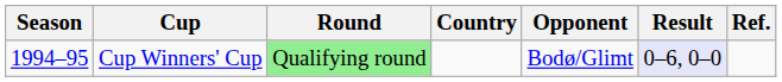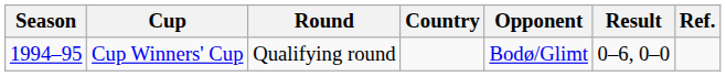 <table class="wikitable">
 <tr>
 <th>Season</th>
 <th>Cup</th>
 <th>Round</th>
 <th>Country</th>
 <th>Opponent</th>
 <th>Result</th>
 <th>Ref.</th>
 </tr>
 <tr>
 <td rowspan=2><a href='#'>1994–95</a></td>
 <td rowspan=2><a href='#'>Cup Winners' Cup</a></td>
-<td style="background: lightgreen;">Qualifying round</td>
+<td>Qualifying round</td>
 <td></td>
 <td><a href='#'>Bodø/Glimt</a></td>
-<td style="background: lavender;">0–6, 0–0</td>
+<td>0–6, 0–0</td>
 <td></td>
 </tr>
 </table>
